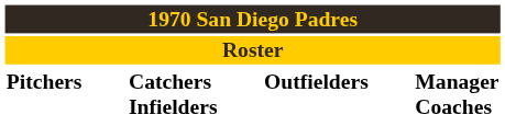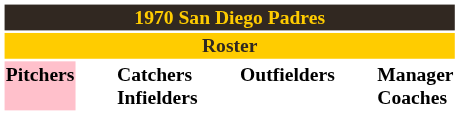 <table class="toccolours" style="font-size: 95%;">
 <tr>
 <th colspan="10" style="background-color: #312821; color: #FFCC00; text-align: center;">1970 San Diego Padres</th>
 </tr>
 <tr>
 <td colspan="10" style="background-color: #FFCC00; color: #312821; text-align: center;"><strong>Roster</strong></td>
 </tr>
 <tr>
-<td valign="top"><strong>Pitchers</strong><br>               </td>
+<td valign="top" style="background: pink;"><strong>Pitchers</strong><br>               </td>
 <td width="25px"></td>
 <td valign="top"><strong>Catchers</strong><br>    <strong>Infielders</strong>         </td>
 <td width="25px"></td>
 <td valign="top"><strong>Outfielders</strong><br>       </td>
 <td width="25px"></td>
 <td valign="top"><strong>Manager</strong><br> <strong>Coaches</strong>    </td>
 </tr>
 </table>
